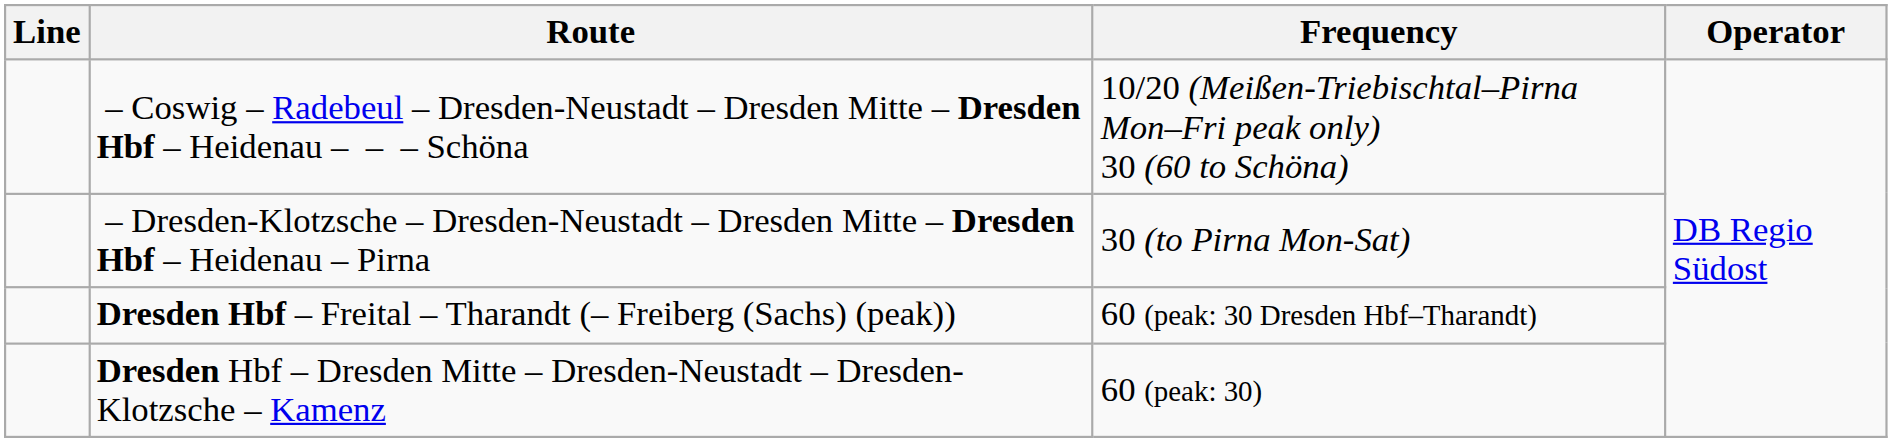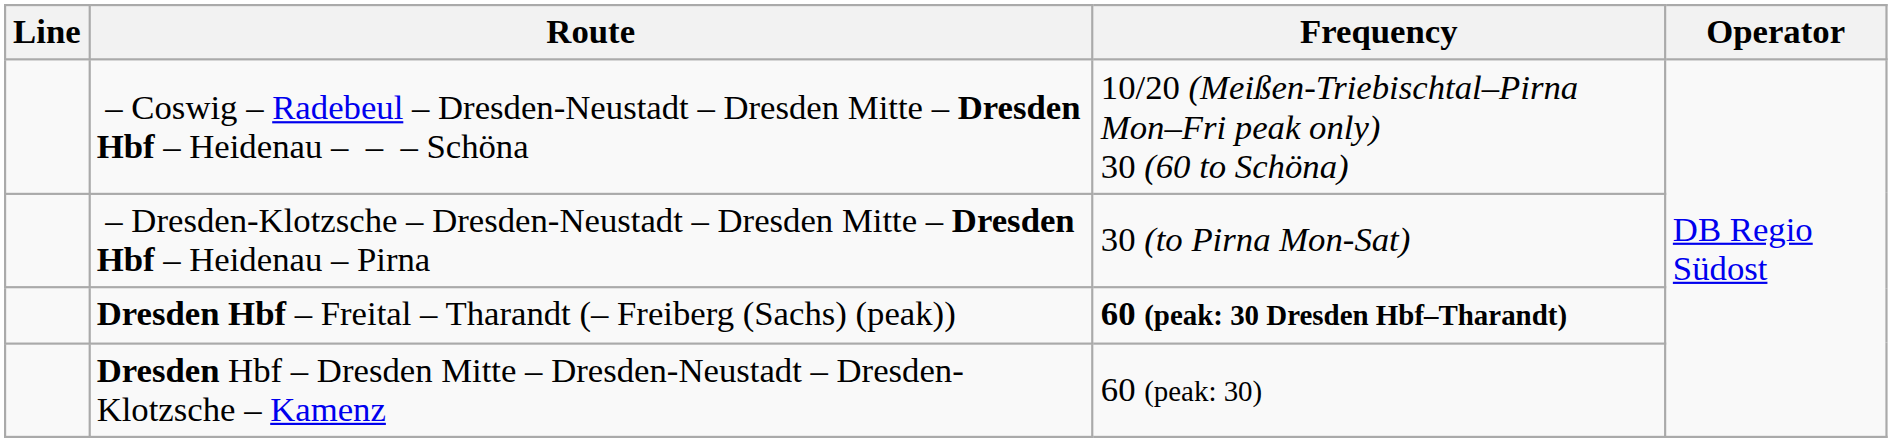 <table class="wikitable">
 <tr>
 <th>Line</th>
 <th>Route</th>
 <th>Frequency</th>
 <th>Operator</th>
 </tr>
 <tr>
 <td></td>
 <td> – Coswig – <a href='#'>Radebeul</a> – Dresden-Neustadt – Dresden Mitte – <strong>Dresden Hbf</strong> – Heidenau –  –  – Schöna</td>
 <td>10/20 <em>(Meißen-Triebischtal–Pirna Mon–Fri peak only)</em><br>30 <em>(60 to  Schöna)</em></td>
 <td rowspan="4"><a href='#'>DB Regio Südost</a></td>
 </tr>
 <tr>
 <td></td>
 <td> – Dresden-Klotzsche – Dresden-Neustadt – Dresden Mitte – <strong>Dresden Hbf</strong> – Heidenau – Pirna</td>
 <td>30 <em>(to Pirna Mon-Sat)</em></td>
 </tr>
 <tr>
 <td></td>
 <td><strong>Dresden Hbf</strong> – Freital – Tharandt (– Freiberg (Sachs) (peak))</td>
-<td>60 <small>(peak: 30 Dresden Hbf–Tharandt)</small></td>
+<td><strong>60 <small>(peak: 30 Dresden Hbf–Tharandt)</small></strong></td>
 </tr>
 <tr>
 <td></td>
 <td><strong>Dresden</strong> Hbf – Dresden Mitte – Dresden-Neustadt – Dresden-Klotzsche – <a href='#'>Kamenz</a></td>
 <td>60 <small>(peak: 30)</small></td>
 </tr>
 </table>
